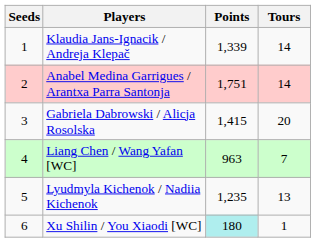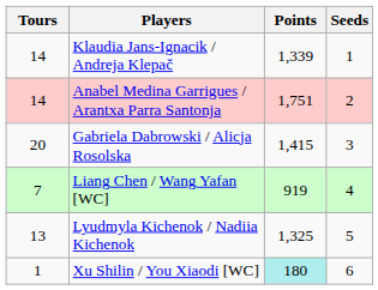 <table class="sortable wikitable collapsible"  style="float:right; text-align:center; font-size:90%; text:justify;">
 <tr>
-<th width=20>Seeds</th>
+<th width=50>Tours</th>
 <th width=170>Players</th>
 <th width=50>Points</th>
-<th width=50>Tours</th>
+<th width=20>Seeds</th>
+</tr>
+<tr>
+<td>14</td>
+<td align=left> <a href='#'>Klaudia Jans-Ignacik</a> /  <a href='#'>Andreja Klepač</a></td>
+<td>1,339</td>
+<td>1</td>
+</tr>
+<tr style="background:#fcc;">
+<td>14</td>
+<td align=left> <a href='#'>Anabel Medina Garrigues</a> /  <a href='#'>Arantxa Parra Santonja</a></td>
+<td>1,751</td>
+<td>2</td>
+</tr>
+<tr>
+<td>20</td>
+<td align=left> <a href='#'>Gabriela Dabrowski</a> /  <a href='#'>Alicja Rosolska</a></td>
+<td>1,415</td>
+<td>3</td>
+</tr>
+<tr style="background:#cfc;">
+<td>7</td>
+<td align=left> <a href='#'>Liang Chen</a> /  <a href='#'>Wang Yafan</a> [WC]</td>
+<td>919</td>
+<td>4</td>
+</tr>
+<tr>
+<td>13</td>
+<td align=left> <a href='#'>Lyudmyla Kichenok</a> /  <a href='#'>Nadiia Kichenok</a></td>
+<td>1,325</td>
+<td>5</td>
 </tr>
 <tr>
 <td>1</td>
-<td align=left> <a href='#'>Klaudia Jans-Ignacik</a> /  <a href='#'>Andreja Klepač</a></td>
-<td>1,339</td>
-<td>14</td>
-</tr>
-<tr style="background:#fcc;">
-<td>2</td>
-<td align=left> <a href='#'>Anabel Medina Garrigues</a> /  <a href='#'>Arantxa Parra Santonja</a></td>
-<td>1,751</td>
-<td>14</td>
-</tr>
-<tr>
-<td>3</td>
-<td align=left> <a href='#'>Gabriela Dabrowski</a> /  <a href='#'>Alicja Rosolska</a></td>
-<td>1,415</td>
-<td>20</td>
-</tr>
-<tr style="background:#cfc;">
-<td>4</td>
-<td align=left> <a href='#'>Liang Chen</a> /  <a href='#'>Wang Yafan</a> [WC]</td>
-<td>963</td>
-<td>7</td>
-</tr>
-<tr>
-<td>5</td>
-<td align=left> <a href='#'>Lyudmyla Kichenok</a> /  <a href='#'>Nadiia Kichenok</a></td>
-<td>1,235</td>
-<td>13</td>
-</tr>
-<tr>
-<td>6</td>
 <td align=left> <a href='#'>Xu Shilin</a> /  <a href='#'>You Xiaodi</a> [WC]</td>
 <td style="background: paleturquoise;">180</td>
-<td>1</td>
+<td>6</td>
 </tr>
 </table>
